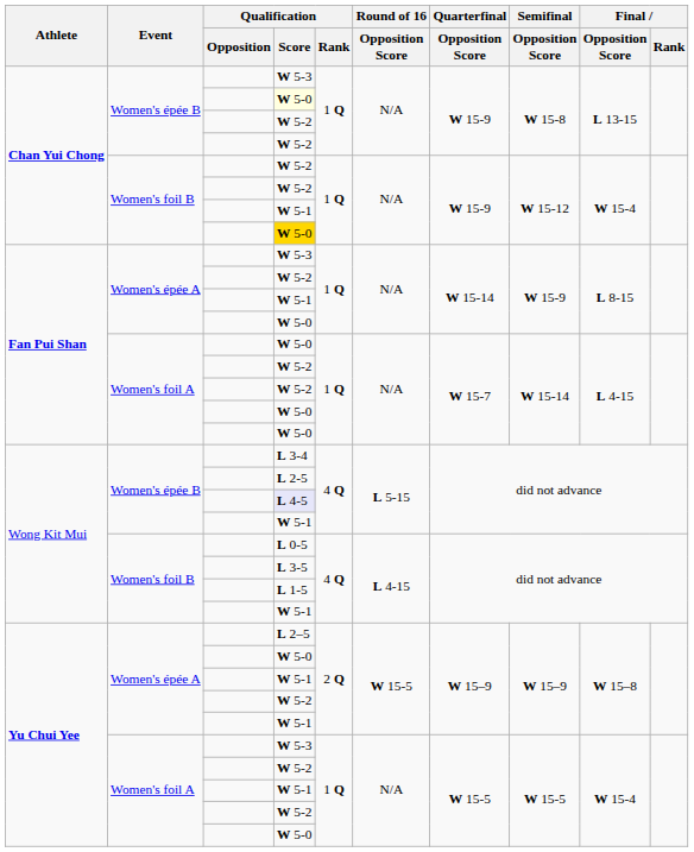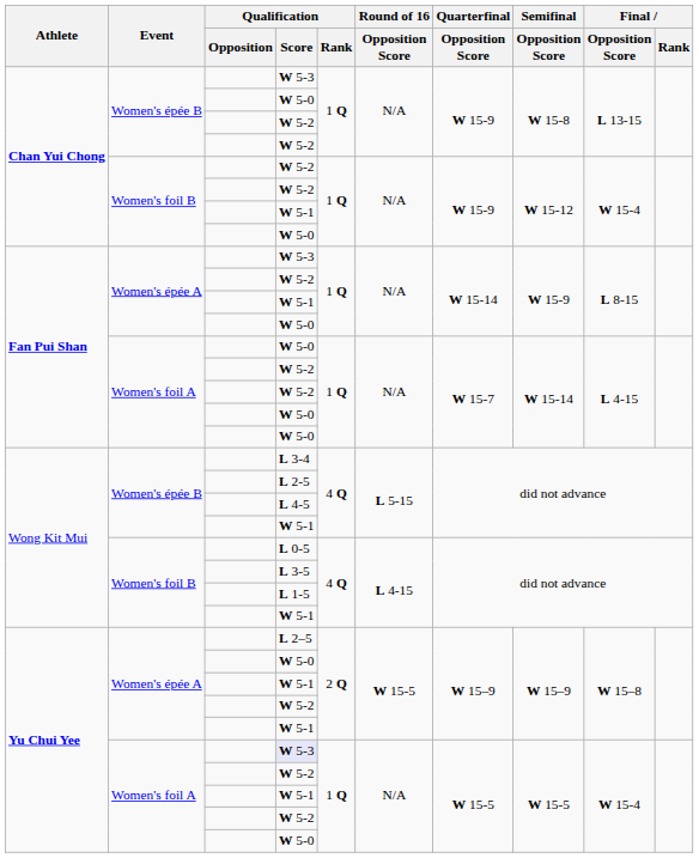 <table class=wikitable style="font-size:90%">
 <tr>
 <th rowspan="2">Athlete</th>
 <th rowspan="2">Event</th>
 <th colspan="3">Qualification</th>
 <th>Round of 16</th>
 <th>Quarterfinal</th>
 <th>Semifinal</th>
 <th colspan="2">Final / </th>
 </tr>
 <tr>
 <th>Opposition</th>
 <th>Score</th>
 <th>Rank</th>
 <th>Opposition<br>Score</th>
 <th>Opposition<br>Score</th>
 <th>Opposition<br>Score</th>
 <th>Opposition<br>Score</th>
 <th>Rank</th>
 </tr>
 <tr>
 <td rowspan=8><strong><a href='#'>Chan Yui Chong</a></strong></td>
 <td rowspan=4><a href='#'>Women's épée B</a></td>
 <td></td>
 <td><strong>W</strong> 5-3</td>
 <td align="center" rowspan=4>1 <strong>Q</strong></td>
 <td align="center" rowspan=4>N/A</td>
 <td align="center" rowspan=4><br><strong>W</strong> 15-9</td>
 <td align="center" rowspan=4><br><strong>W</strong> 15-8</td>
 <td align="center" rowspan=4><br><strong>L</strong> 13-15</td>
 <td align="center" rowspan=4></td>
 </tr>
 <tr>
 <td></td>
-<td style="background: lightyellow;"><strong>W</strong> 5-0</td>
+<td><strong>W</strong> 5-0</td>
 </tr>
 <tr>
 <td></td>
 <td><strong>W</strong> 5-2</td>
 </tr>
 <tr>
 <td></td>
 <td><strong>W</strong> 5-2</td>
 </tr>
 <tr>
 <td rowspan=4><a href='#'>Women's foil B</a></td>
 <td></td>
 <td><strong>W</strong> 5-2</td>
 <td align="center" rowspan=4>1 <strong>Q</strong></td>
 <td align="center" rowspan=4>N/A</td>
 <td align="center" rowspan=4><br><strong>W</strong> 15-9</td>
 <td align="center" rowspan=4><br><strong>W</strong> 15-12</td>
 <td align="center" rowspan=4><br><strong>W</strong> 15-4</td>
 <td align="center" rowspan=4></td>
 </tr>
 <tr>
 <td></td>
 <td><strong>W</strong> 5-2</td>
 </tr>
 <tr>
 <td></td>
 <td><strong>W</strong> 5-1</td>
 </tr>
 <tr>
 <td></td>
-<td style="background: gold;"><strong>W</strong> 5-0</td>
+<td><strong>W</strong> 5-0</td>
 </tr>
 <tr>
 <td rowspan=9><strong><a href='#'>Fan Pui Shan</a></strong></td>
 <td rowspan=4><a href='#'>Women's épée A</a></td>
 <td></td>
 <td><strong>W</strong> 5-3</td>
 <td align="center" rowspan=4>1 <strong>Q</strong></td>
 <td align="center" rowspan=4>N/A</td>
 <td align="center" rowspan=4><br><strong>W</strong> 15-14</td>
 <td align="center" rowspan=4><br><strong>W</strong> 15-9</td>
 <td align="center" rowspan=4><br><strong>L</strong> 8-15</td>
 <td align="center" rowspan=4></td>
 </tr>
 <tr>
 <td></td>
 <td><strong>W</strong> 5-2</td>
 </tr>
 <tr>
 <td></td>
 <td><strong>W</strong> 5-1</td>
 </tr>
 <tr>
 <td></td>
 <td><strong>W</strong> 5-0</td>
 </tr>
 <tr>
 <td rowspan=5><a href='#'>Women's foil A</a></td>
 <td></td>
 <td><strong>W</strong> 5-0</td>
 <td align="center" rowspan=5>1 <strong>Q</strong></td>
 <td align="center" rowspan=5>N/A</td>
 <td align="center" rowspan=5><br><strong>W</strong> 15-7</td>
 <td align="center" rowspan=5><br><strong>W</strong> 15-14</td>
 <td align="center" rowspan=5><br><strong>L</strong> 4-15</td>
 <td align="center" rowspan=5></td>
 </tr>
 <tr>
 <td></td>
 <td><strong>W</strong> 5-2</td>
 </tr>
 <tr>
 <td></td>
 <td><strong>W</strong> 5-2</td>
 </tr>
 <tr>
 <td></td>
 <td><strong>W</strong> 5-0</td>
 </tr>
 <tr>
 <td></td>
 <td><strong>W</strong> 5-0</td>
 </tr>
 <tr>
 <td rowspan=8><a href='#'>Wong Kit Mui</a></td>
 <td rowspan=4><a href='#'>Women's épée B</a></td>
 <td></td>
 <td><strong>L</strong> 3-4</td>
 <td align="center" rowspan=4>4 <strong>Q</strong></td>
 <td align="center" rowspan=4><br><strong>L</strong> 5-15</td>
 <td align="center" rowspan=4 colspan=4>did not advance</td>
 </tr>
 <tr>
 <td></td>
 <td><strong>L</strong> 2-5</td>
 </tr>
 <tr>
 <td></td>
-<td style="background: lavender;"><strong>L</strong> 4-5</td>
+<td><strong>L</strong> 4-5</td>
 </tr>
 <tr>
 <td></td>
 <td><strong>W</strong> 5-1</td>
 </tr>
 <tr>
 <td rowspan=4><a href='#'>Women's foil B</a></td>
 <td></td>
 <td><strong>L</strong> 0-5</td>
 <td align="center" rowspan=4>4 <strong>Q</strong></td>
 <td align="center" rowspan=4><br><strong>L</strong> 4-15</td>
 <td align="center" rowspan=4 colspan=4>did not advance</td>
 </tr>
 <tr>
 <td></td>
 <td><strong>L</strong> 3-5</td>
 </tr>
 <tr>
 <td></td>
 <td><strong>L</strong> 1-5</td>
 </tr>
 <tr>
 <td></td>
 <td><strong>W</strong> 5-1</td>
 </tr>
 <tr>
 <td rowspan=10><strong><a href='#'>Yu Chui Yee</a></strong></td>
 <td rowspan=5><a href='#'>Women's épée A</a></td>
 <td></td>
 <td><strong>L</strong> 2–5</td>
 <td align="center" rowspan=5>2 <strong>Q</strong></td>
 <td align="center" rowspan=5><br><strong>W</strong> 15-5</td>
 <td align="center" rowspan=5><br><strong>W</strong> 15–9</td>
 <td align="center" rowspan=5><br><strong>W</strong> 15–9</td>
 <td align="center" rowspan=5><br><strong>W</strong> 15–8</td>
 <td align="center" rowspan=5></td>
 </tr>
 <tr>
 <td></td>
 <td><strong>W</strong> 5-0</td>
 </tr>
 <tr>
 <td></td>
 <td><strong>W</strong> 5-1</td>
 </tr>
 <tr>
 <td></td>
 <td><strong>W</strong> 5-2</td>
 </tr>
 <tr>
 <td></td>
 <td><strong>W</strong> 5-1</td>
 </tr>
 <tr>
 <td rowspan=5><a href='#'>Women's foil A</a></td>
 <td></td>
-<td><strong>W</strong> 5-3</td>
+<td style="background: lavender;"><strong>W</strong> 5-3</td>
 <td align="center" rowspan=5>1 <strong>Q</strong></td>
 <td align="center" rowspan=5>N/A</td>
 <td align="center" rowspan=5><br><strong>W</strong> 15-5</td>
 <td align="center" rowspan=5><br><strong>W</strong> 15-5</td>
 <td align="center" rowspan=5><br><strong>W</strong> 15-4</td>
 <td align="center" rowspan=5></td>
 </tr>
 <tr>
 <td></td>
 <td><strong>W</strong> 5-2</td>
 </tr>
 <tr>
 <td></td>
 <td><strong>W</strong> 5-1</td>
 </tr>
 <tr>
 <td></td>
 <td><strong>W</strong> 5-2</td>
 </tr>
 <tr>
 <td></td>
 <td><strong>W</strong> 5-0</td>
 </tr>
 </table>
